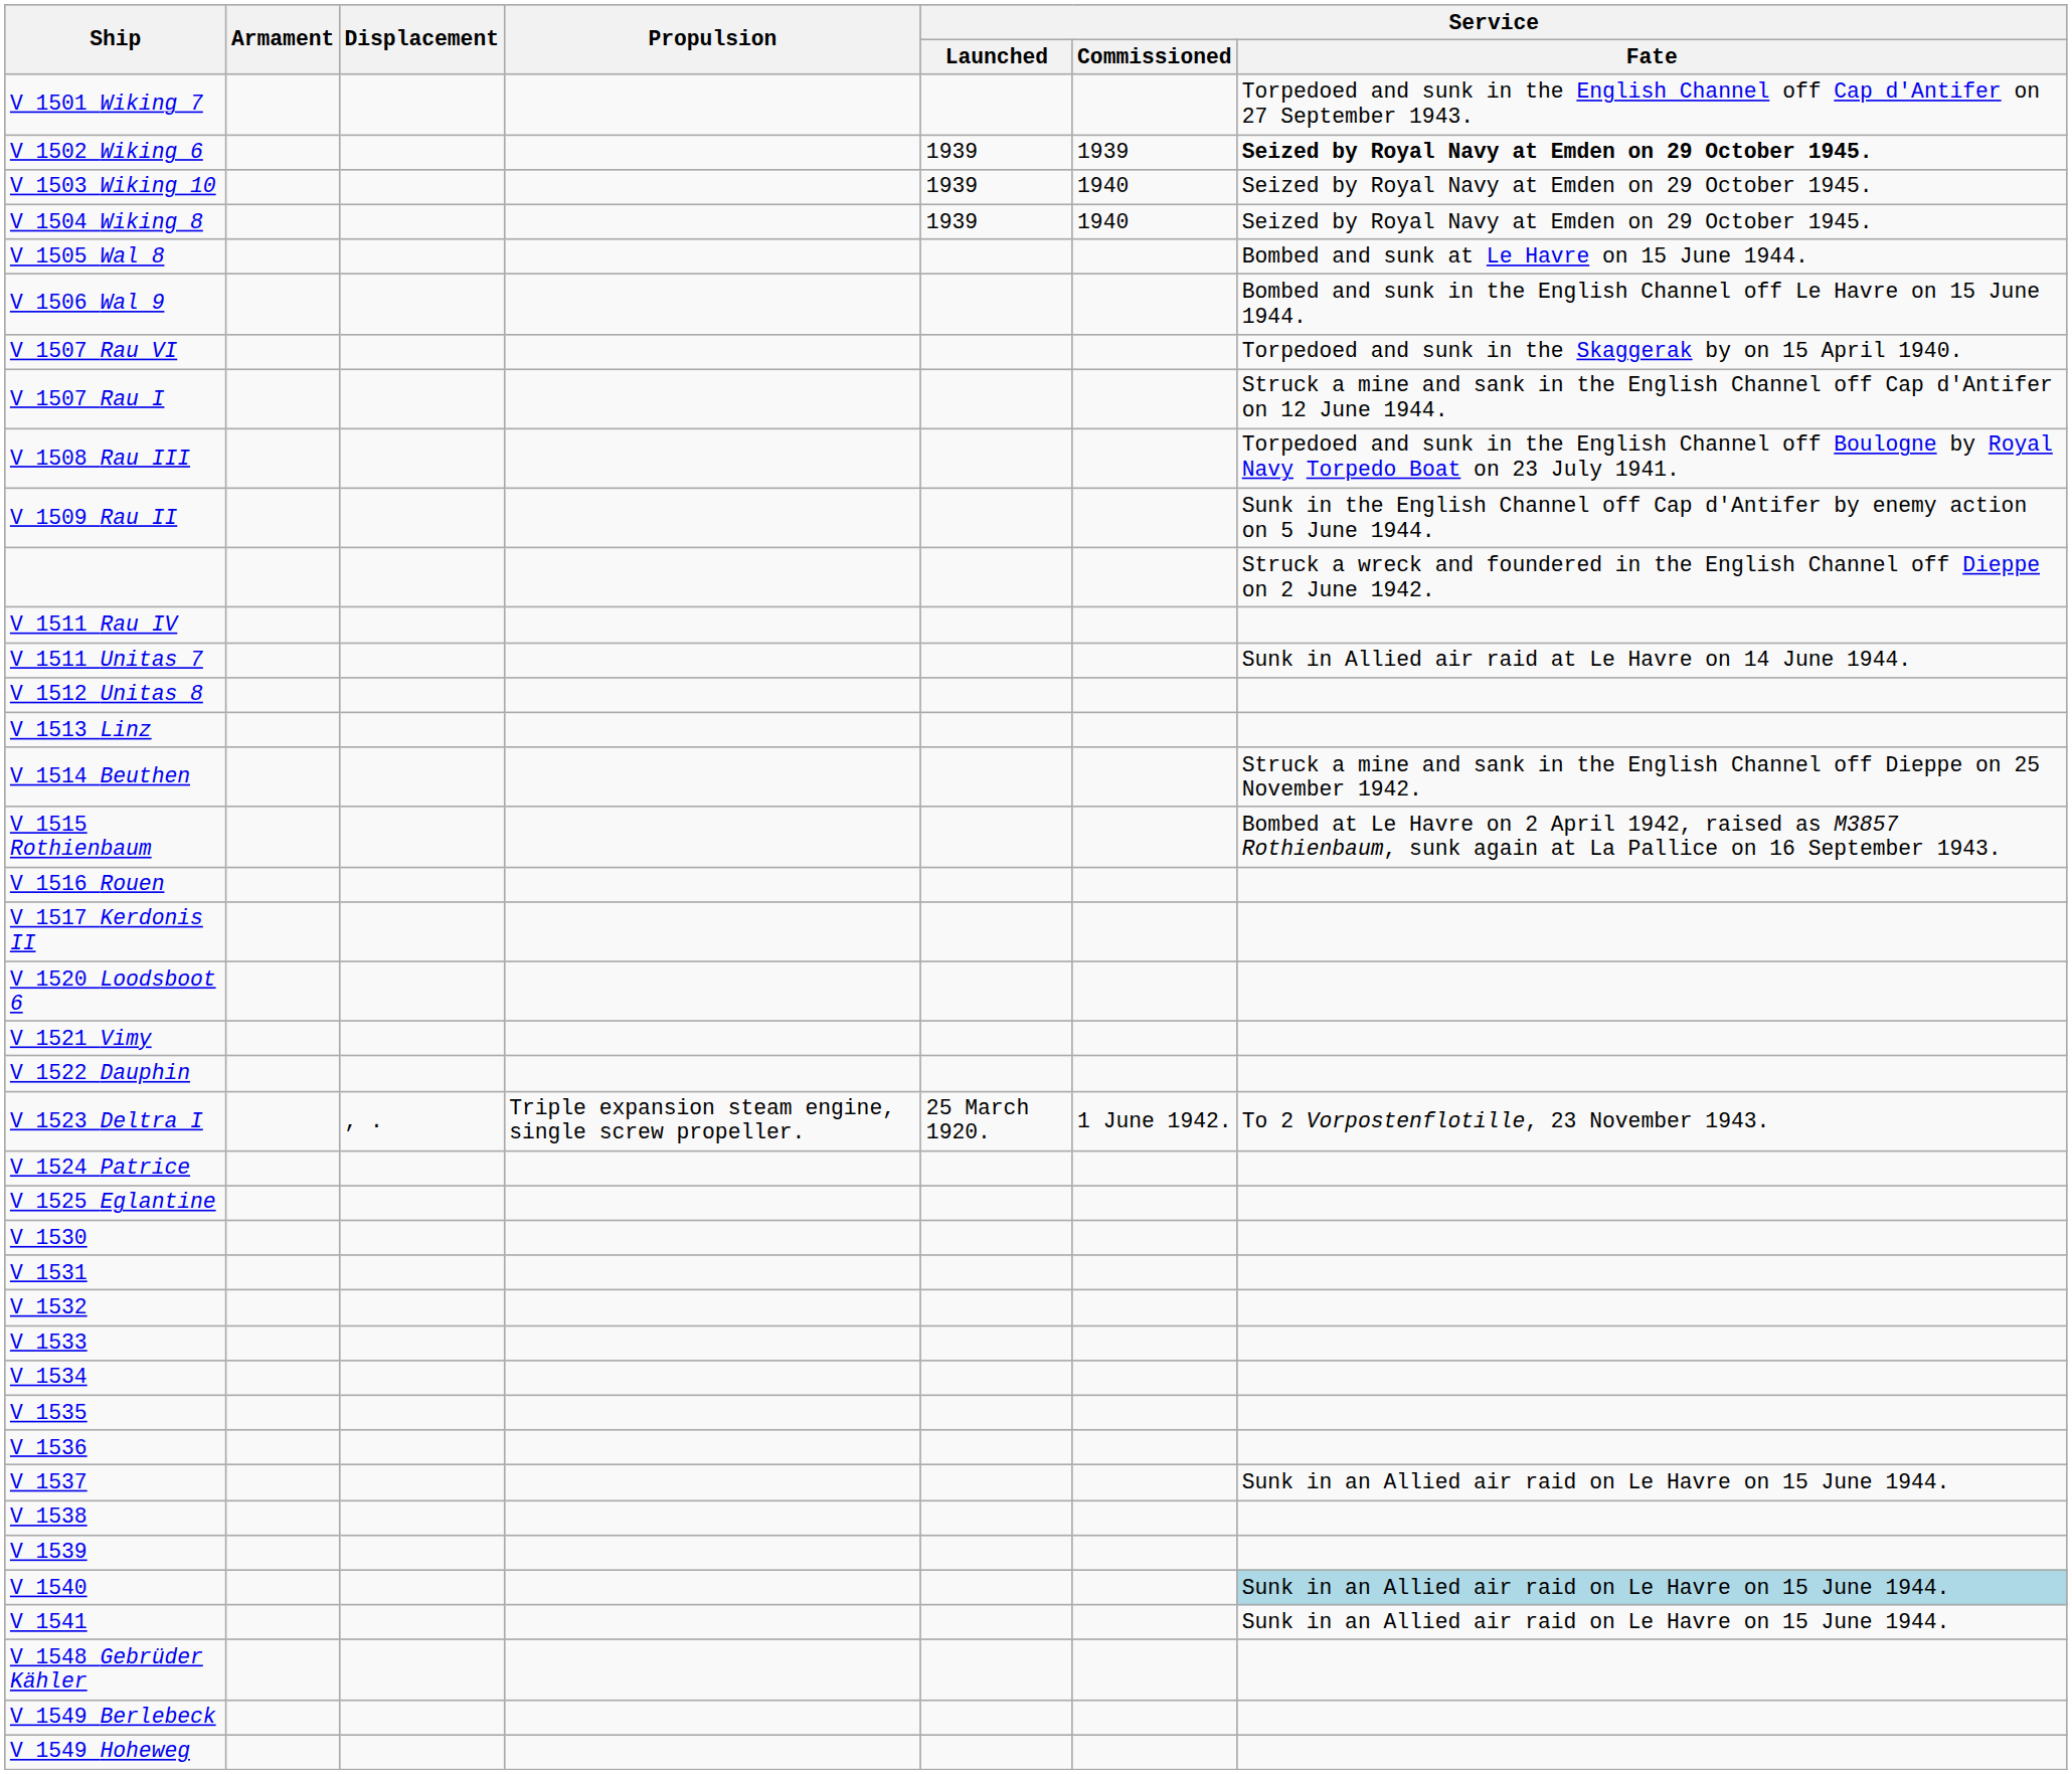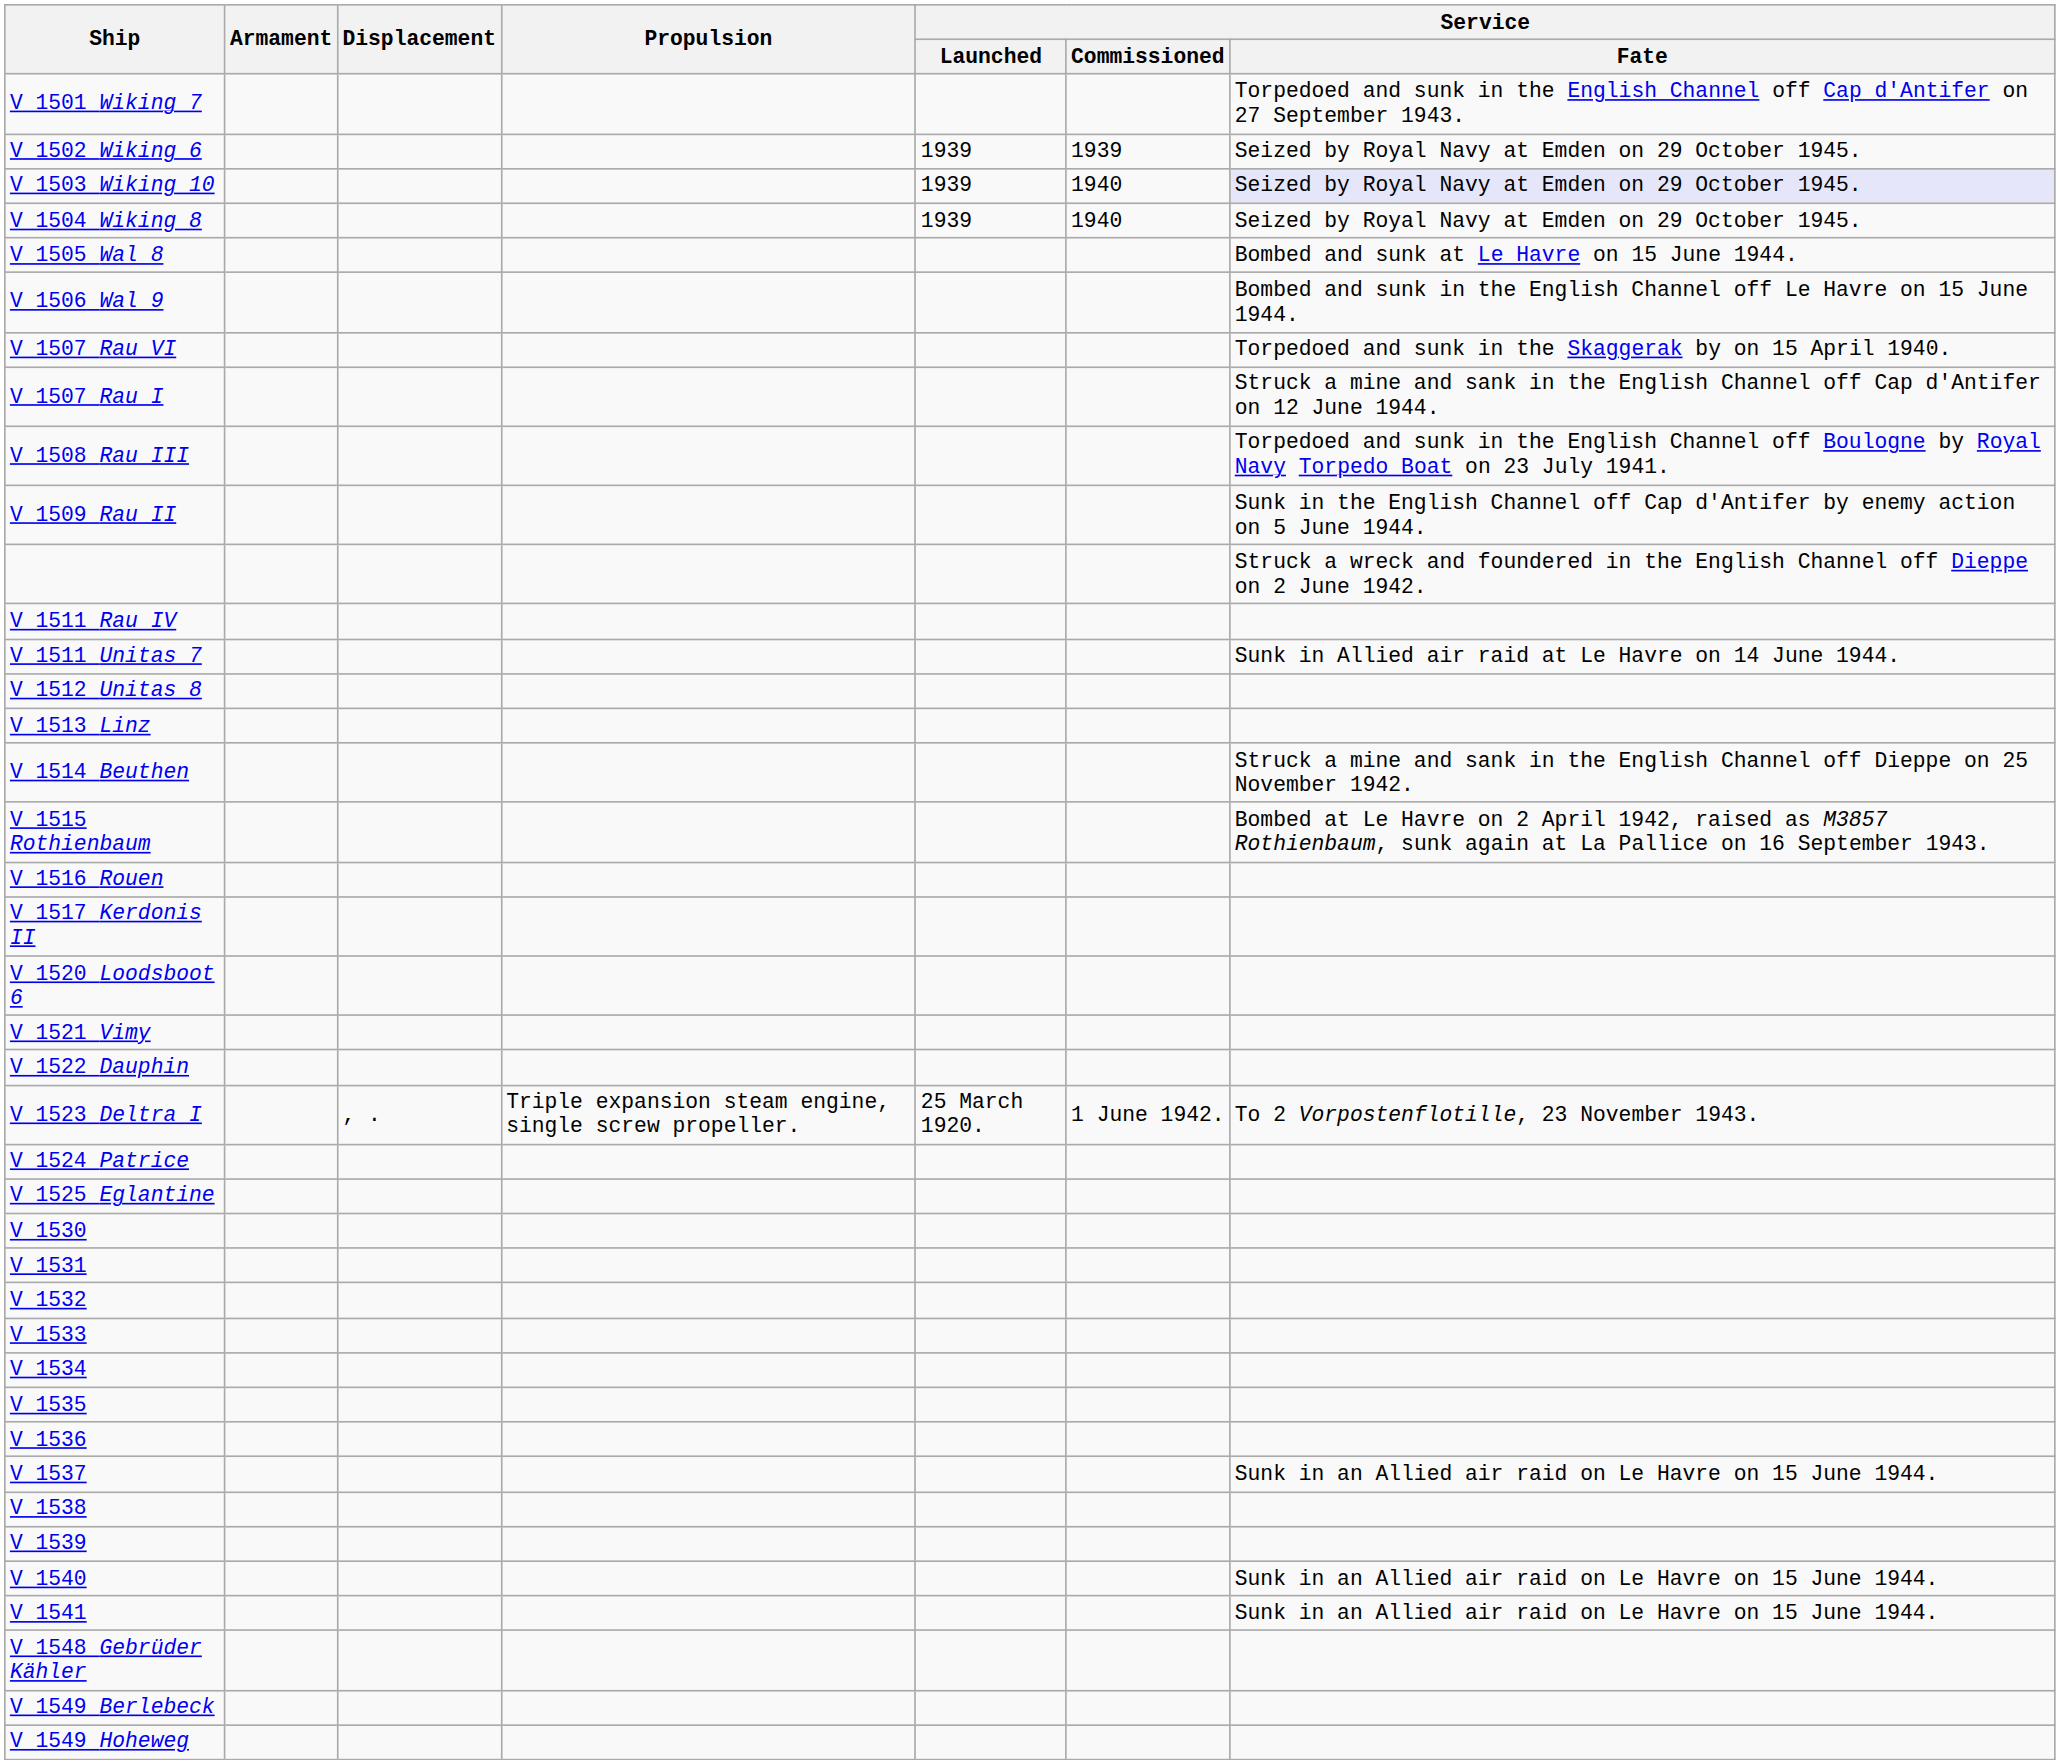 <table class="wikitable">
 <tr>
 <th rowspan="2">Ship</th>
 <th rowspan="2">Armament</th>
 <th rowspan="2">Displacement</th>
 <th rowspan="2">Propulsion</th>
 <th colspan="3">Service</th>
 </tr>
 <tr>
 <th>Launched</th>
 <th>Commissioned</th>
 <th>Fate</th>
 </tr>
 <tr>
 <td><a href='#'>V 1501 <em>Wiking 7</em></a></td>
 <td></td>
 <td></td>
 <td></td>
 <td></td>
 <td></td>
 <td>Torpedoed and sunk in the <a href='#'>English Channel</a> off <a href='#'>Cap d'Antifer</a> on 27 September 1943.</td>
 </tr>
 <tr>
 <td><a href='#'>V 1502 <em>Wiking 6</em></a></td>
 <td></td>
 <td></td>
 <td></td>
 <td>1939</td>
 <td>1939</td>
-<td><strong>Seized by Royal Navy at Emden on 29 October 1945.</strong></td>
+<td>Seized by Royal Navy at Emden on 29 October 1945.</td>
 </tr>
 <tr>
 <td><a href='#'>V 1503 <em>Wiking 10</em></a></td>
 <td></td>
 <td></td>
 <td></td>
 <td>1939</td>
 <td>1940</td>
-<td>Seized by Royal Navy at Emden on 29 October 1945.</td>
+<td style="background: lavender;">Seized by Royal Navy at Emden on 29 October 1945.</td>
 </tr>
 <tr>
 <td><a href='#'>V 1504 <em>Wiking 8</em></a></td>
 <td></td>
 <td></td>
 <td></td>
 <td>1939</td>
 <td>1940</td>
 <td>Seized by Royal Navy at Emden on 29 October 1945.</td>
 </tr>
 <tr>
 <td><a href='#'>V 1505 <em>Wal 8</em></a></td>
 <td></td>
 <td></td>
 <td></td>
 <td></td>
 <td></td>
 <td>Bombed and sunk at <a href='#'>Le Havre</a> on 15 June 1944.</td>
 </tr>
 <tr>
 <td><a href='#'>V 1506 <em>Wal 9</em></a></td>
 <td></td>
 <td></td>
 <td></td>
 <td></td>
 <td></td>
 <td>Bombed and sunk in the English Channel off Le Havre on 15 June 1944.</td>
 </tr>
 <tr>
 <td><a href='#'>V 1507 <em>Rau VI</em></a></td>
 <td></td>
 <td></td>
 <td></td>
 <td></td>
 <td></td>
 <td>Torpedoed and sunk in the <a href='#'>Skaggerak</a> by  on 15 April 1940.</td>
 </tr>
 <tr>
 <td><a href='#'>V 1507 <em>Rau I</em></a></td>
 <td></td>
 <td></td>
 <td></td>
 <td></td>
 <td></td>
 <td>Struck a mine and sank in the English Channel off Cap d'Antifer on 12 June 1944.</td>
 </tr>
 <tr>
 <td><a href='#'>V 1508 <em>Rau III</em></a></td>
 <td></td>
 <td></td>
 <td></td>
 <td></td>
 <td></td>
 <td>Torpedoed and sunk in the English Channel off <a href='#'>Boulogne</a> by <a href='#'>Royal Navy</a> <a href='#'>Torpedo Boat</a> on 23 July 1941.</td>
 </tr>
 <tr>
 <td><a href='#'>V 1509 <em>Rau II</em></a></td>
 <td></td>
 <td></td>
 <td></td>
 <td></td>
 <td></td>
 <td>Sunk in the English Channel off Cap d'Antifer by enemy action on 5 June 1944.</td>
 </tr>
 <tr>
 <td></td>
 <td></td>
 <td></td>
 <td></td>
 <td></td>
 <td></td>
 <td>Struck a wreck and foundered in the English Channel off <a href='#'>Dieppe</a> on 2 June 1942.</td>
 </tr>
 <tr>
 <td><a href='#'>V 1511 <em>Rau IV</em></a></td>
 <td></td>
 <td></td>
 <td></td>
 <td></td>
 <td></td>
 <td></td>
 </tr>
 <tr>
 <td><a href='#'>V 1511 <em>Unitas 7</em></a></td>
 <td></td>
 <td></td>
 <td></td>
 <td></td>
 <td></td>
 <td>Sunk in Allied air raid at Le Havre on 14 June 1944.</td>
 </tr>
 <tr>
 <td><a href='#'>V 1512 <em>Unitas 8</em></a></td>
 <td></td>
 <td></td>
 <td></td>
 <td></td>
 <td></td>
 <td></td>
 </tr>
 <tr>
 <td><a href='#'>V 1513 <em>Linz</em></a></td>
 <td></td>
 <td></td>
 <td></td>
 <td></td>
 <td></td>
 <td></td>
 </tr>
 <tr>
 <td><a href='#'>V 1514 <em>Beuthen</em></a></td>
 <td></td>
 <td></td>
 <td></td>
 <td></td>
 <td></td>
 <td>Struck a mine and sank in the English Channel off Dieppe on 25 November 1942.</td>
 </tr>
 <tr>
 <td><a href='#'>V 1515 <em>Rothienbaum</em></a></td>
 <td></td>
 <td></td>
 <td></td>
 <td></td>
 <td></td>
 <td>Bombed at Le Havre on 2 April 1942, raised as <em>M3857 Rothienbaum</em>, sunk again at La Pallice on 16 September 1943.</td>
 </tr>
 <tr>
 <td><a href='#'>V 1516 <em>Rouen</em></a></td>
 <td></td>
 <td></td>
 <td></td>
 <td></td>
 <td></td>
 <td></td>
 </tr>
 <tr>
 <td><a href='#'>V 1517 <em>Kerdonis II</em></a></td>
 <td></td>
 <td></td>
 <td></td>
 <td></td>
 <td></td>
 <td></td>
 </tr>
 <tr>
 <td><a href='#'>V 1520 <em>Loodsboot 6</em></a></td>
 <td></td>
 <td></td>
 <td></td>
 <td></td>
 <td></td>
 <td></td>
 </tr>
 <tr>
 <td><a href='#'>V 1521 <em>Vimy</em></a></td>
 <td></td>
 <td></td>
 <td></td>
 <td></td>
 <td></td>
 <td></td>
 </tr>
 <tr>
 <td><a href='#'>V 1522 <em>Dauphin</em></a></td>
 <td></td>
 <td></td>
 <td></td>
 <td></td>
 <td></td>
 <td></td>
 </tr>
 <tr>
 <td><a href='#'>V 1523 <em>Deltra I</em></a></td>
 <td></td>
 <td>, .</td>
 <td>Triple expansion steam engine, single screw propeller.</td>
 <td>25 March 1920.</td>
 <td>1 June 1942.</td>
 <td>To 2 <em>Vorpostenflotille</em>, 23 November 1943.</td>
 </tr>
 <tr>
 <td><a href='#'>V 1524 <em>Patrice</em></a></td>
 <td></td>
 <td></td>
 <td></td>
 <td></td>
 <td></td>
 <td></td>
 </tr>
 <tr>
 <td><a href='#'>V 1525 <em>Eglantine</em></a></td>
 <td></td>
 <td></td>
 <td></td>
 <td></td>
 <td></td>
 <td></td>
 </tr>
 <tr>
 <td><a href='#'>V 1530</a></td>
 <td></td>
 <td></td>
 <td></td>
 <td></td>
 <td></td>
 <td></td>
 </tr>
 <tr>
 <td><a href='#'>V 1531</a></td>
 <td></td>
 <td></td>
 <td></td>
 <td></td>
 <td></td>
 <td></td>
 </tr>
 <tr>
 <td><a href='#'>V 1532</a></td>
 <td></td>
 <td></td>
 <td></td>
 <td></td>
 <td></td>
 <td></td>
 </tr>
 <tr>
 <td><a href='#'>V 1533</a></td>
 <td></td>
 <td></td>
 <td></td>
 <td></td>
 <td></td>
 <td></td>
 </tr>
 <tr>
 <td><a href='#'>V 1534</a></td>
 <td></td>
 <td></td>
 <td></td>
 <td></td>
 <td></td>
 <td></td>
 </tr>
 <tr>
 <td><a href='#'>V 1535</a></td>
 <td></td>
 <td></td>
 <td></td>
 <td></td>
 <td></td>
 <td></td>
 </tr>
 <tr>
 <td><a href='#'>V 1536</a></td>
 <td></td>
 <td></td>
 <td></td>
 <td></td>
 <td></td>
 <td></td>
 </tr>
 <tr>
 <td><a href='#'>V 1537</a></td>
 <td></td>
 <td></td>
 <td></td>
 <td></td>
 <td></td>
 <td>Sunk in an Allied air raid on Le Havre on 15 June 1944.</td>
 </tr>
 <tr>
 <td><a href='#'>V 1538</a></td>
 <td></td>
 <td></td>
 <td></td>
 <td></td>
 <td></td>
 <td></td>
 </tr>
 <tr>
 <td><a href='#'>V 1539</a></td>
 <td></td>
 <td></td>
 <td></td>
 <td></td>
 <td></td>
 <td></td>
 </tr>
 <tr>
 <td><a href='#'>V 1540</a></td>
 <td></td>
 <td></td>
 <td></td>
 <td></td>
 <td></td>
-<td style="background: lightblue;">Sunk in an Allied air raid on Le Havre on 15 June 1944.</td>
+<td>Sunk in an Allied air raid on Le Havre on 15 June 1944.</td>
 </tr>
 <tr>
 <td><a href='#'>V 1541</a></td>
 <td></td>
 <td></td>
 <td></td>
 <td></td>
 <td></td>
 <td>Sunk in an Allied air raid on Le Havre on 15 June 1944.</td>
 </tr>
 <tr>
 <td><a href='#'>V 1548 <em>Gebrüder Kähler</em></a></td>
 <td></td>
 <td></td>
 <td></td>
 <td></td>
 <td></td>
 <td></td>
 </tr>
 <tr>
 <td><a href='#'>V 1549 <em>Berlebeck</em></a></td>
 <td></td>
 <td></td>
 <td></td>
 <td></td>
 <td></td>
 <td></td>
 </tr>
 <tr>
 <td><a href='#'>V 1549 <em>Hoheweg</em></a></td>
 <td></td>
 <td></td>
 <td></td>
 <td></td>
 <td></td>
 <td></td>
 </tr>
 </table>
